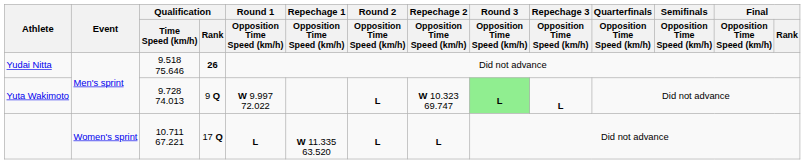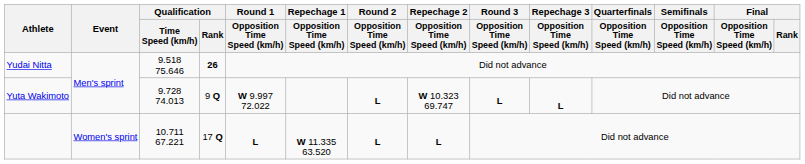 <table class="wikitable" style="font-size:90%">
 <tr>
 <th rowspan=2>Athlete</th>
 <th rowspan=2>Event</th>
 <th colspan=2>Qualification</th>
 <th>Round 1</th>
 <th>Repechage 1</th>
 <th>Round 2</th>
 <th>Repechage 2</th>
 <th>Round 3</th>
 <th>Repechage 3</th>
 <th>Quarterfinals</th>
 <th>Semifinals</th>
 <th colspan=2>Final</th>
 </tr>
 <tr style="font-size:95%">
 <th>Time<br>Speed (km/h)</th>
 <th>Rank</th>
 <th>Opposition<br>Time<br>Speed (km/h)</th>
 <th>Opposition<br>Time<br>Speed (km/h)</th>
 <th>Opposition<br>Time<br>Speed (km/h)</th>
 <th>Opposition<br>Time<br>Speed (km/h)</th>
 <th>Opposition<br>Time<br>Speed (km/h)</th>
 <th>Opposition<br>Time<br>Speed (km/h)</th>
 <th>Opposition<br>Time<br>Speed (km/h)</th>
 <th>Opposition<br>Time<br>Speed (km/h)</th>
 <th>Opposition<br>Time<br>Speed (km/h)</th>
 <th>Rank</th>
 </tr>
 <tr align=center>
 <td align=left><a href='#'>Yudai Nitta</a></td>
 <td align=left rowspan=2><a href='#'>Men's sprint</a></td>
 <td>9.518<br>75.646</td>
 <td><strong>26</strong></td>
 <td colspan=10>Did not advance</td>
 </tr>
 <tr align=center>
 <td align=left><a href='#'>Yuta Wakimoto</a></td>
 <td>9.728<br>74.013</td>
 <td>9 <strong>Q</strong></td>
 <td><br><strong>W</strong> 9.997<br>72.022</td>
 <td></td>
 <td><br><strong>L</strong></td>
 <td><br><strong>W</strong> 10.323<br>69.747</td>
-<td style="background: lightgreen;"><br><strong>L</strong></td>
+<td><br><strong>L</strong></td>
 <td><br><br><strong>L</strong></td>
 <td colspan=4>Did not advance</td>
 </tr>
 <tr align=center>
 <td align=left></td>
 <td align=left><a href='#'>Women's sprint</a></td>
 <td>10.711<br>67.221</td>
 <td>17 <strong>Q</strong></td>
 <td><br><strong>L</strong></td>
 <td><br><br><strong>W</strong> 11.335<br>63.520</td>
 <td><br><strong>L</strong></td>
 <td><br><strong>L</strong></td>
 <td colspan=6>Did not advance</td>
 </tr>
 </table>
